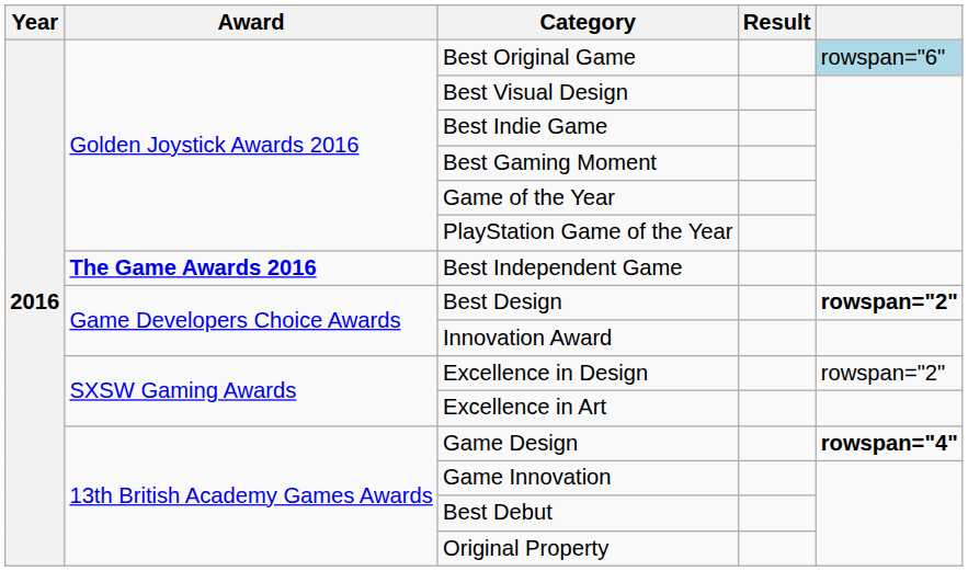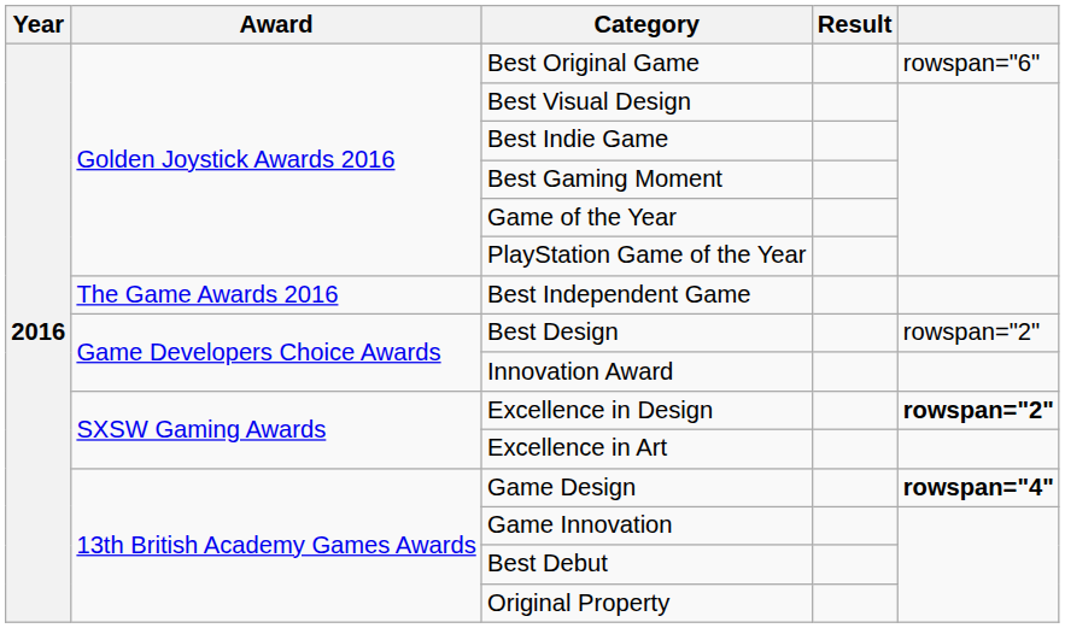 <table class="wikitable sortable plainrowheaders">
 <tr>
 <th scope="col">Year</th>
 <th scope="col">Award</th>
 <th scope="col">Category</th>
 <th scope="col">Result</th>
 <th scope="col" class="unsortable"></th>
 </tr>
 <tr>
 <th scope="row" rowspan="15">2016</th>
 <td rowspan="6"><a href='#'>Golden Joystick Awards 2016</a></td>
 <td>Best Original Game</td>
 <td></td>
-<td style="background: lightblue;">rowspan="6" </td>
+<td>rowspan="6" </td>
 </tr>
 <tr>
 <td>Best Visual Design</td>
 <td></td>
 </tr>
 <tr>
 <td>Best Indie Game</td>
 <td></td>
 </tr>
 <tr>
 <td>Best Gaming Moment</td>
 <td></td>
 </tr>
 <tr>
 <td>Game of the Year</td>
 <td></td>
 </tr>
 <tr>
 <td>PlayStation Game of the Year</td>
 <td></td>
 </tr>
 <tr>
-<td><strong><a href='#'>The Game Awards 2016</a></strong></td>
+<td><a href='#'>The Game Awards 2016</a></td>
 <td>Best Independent Game</td>
 <td></td>
 <td></td>
 </tr>
 <tr>
 <td rowspan="2"><a href='#'>Game Developers Choice Awards</a></td>
 <td>Best Design</td>
 <td></td>
-<td><strong>rowspan="2" </strong></td>
+<td>rowspan="2" </td>
 </tr>
 <tr>
 <td>Innovation Award</td>
 <td></td>
 </tr>
 <tr>
 <td rowspan="2"><a href='#'>SXSW Gaming Awards</a></td>
 <td>Excellence in Design</td>
 <td></td>
-<td>rowspan="2" </td>
+<td><strong>rowspan="2" </strong></td>
 </tr>
 <tr>
 <td>Excellence in Art</td>
 <td></td>
 </tr>
 <tr>
 <td rowspan="4"><a href='#'>13th British Academy Games Awards</a></td>
 <td>Game Design</td>
 <td></td>
 <td><strong>rowspan="4" </strong></td>
 </tr>
 <tr>
 <td>Game Innovation</td>
 <td></td>
 </tr>
 <tr>
 <td>Best Debut</td>
 <td></td>
 </tr>
 <tr>
 <td>Original Property</td>
 <td></td>
 </tr>
 </table>
